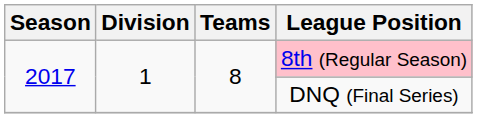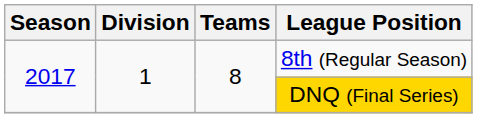 <table class="wikitable" style="text-align:center">
 <tr bgcolor="#efefef">
 <th>Season</th>
 <th>Division</th>
 <th>Teams</th>
 <th>League Position</th>
 </tr>
 <tr>
 <td rowspan=2><a href='#'>2017</a></td>
 <td rowspan=2>1</td>
 <td rowspan=2>8</td>
-<td style="background: pink;"><a href='#'>8th</a> <small>(Regular Season)</small></td>
+<td><a href='#'>8th</a> <small>(Regular Season)</small></td>
 </tr>
 <tr>
-<td>DNQ <small>(Final Series)</small></td>
+<td style="background: gold;">DNQ <small>(Final Series)</small></td>
 </tr>
 <tr>
 </tr>
 </table>
